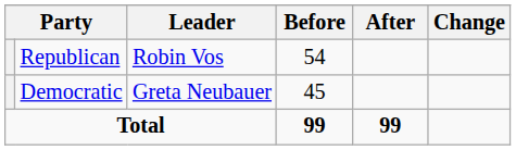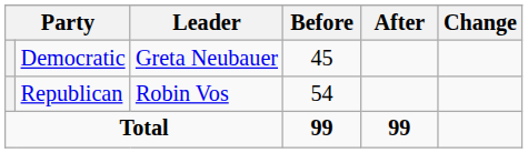 <table class="wikitable" style="text-align:center;">
 <tr>
 </tr>
 <tr>
 <th colspan="2">Party</th>
 <th>Leader</th>
 <th style="width:3em">Before</th>
 <th style="width:3em">After</th>
 <th style="width:3em">Change</th>
 </tr>
 <tr>
 <th style="background-color:"></th>
-<td style="text-align:left;"><a href='#'>Republican</a></td>
-<td style="text-align:left;"><a href='#'>Robin Vos</a></td>
-<td>54</td>
+<td style="text-align:left;"><a href='#'>Democratic</a></td>
+<td style="text-align:left;"><a href='#'>Greta Neubauer</a></td>
+<td>45</td>
 <td></td>
 <td></td>
 </tr>
 <tr>
 <th style="background-color:"></th>
-<td style="text-align:left;"><a href='#'>Democratic</a></td>
-<td style="text-align:left;"><a href='#'>Greta Neubauer</a></td>
-<td>45</td>
+<td style="text-align:left;"><a href='#'>Republican</a></td>
+<td style="text-align:left;"><a href='#'>Robin Vos</a></td>
+<td>54</td>
 <td></td>
 <td></td>
 </tr>
 <tr>
 <td colspan="3"><strong>Total</strong></td>
 <td><strong>99</strong></td>
 <td><strong>99</strong></td>
 <td></td>
 </tr>
 </table>
